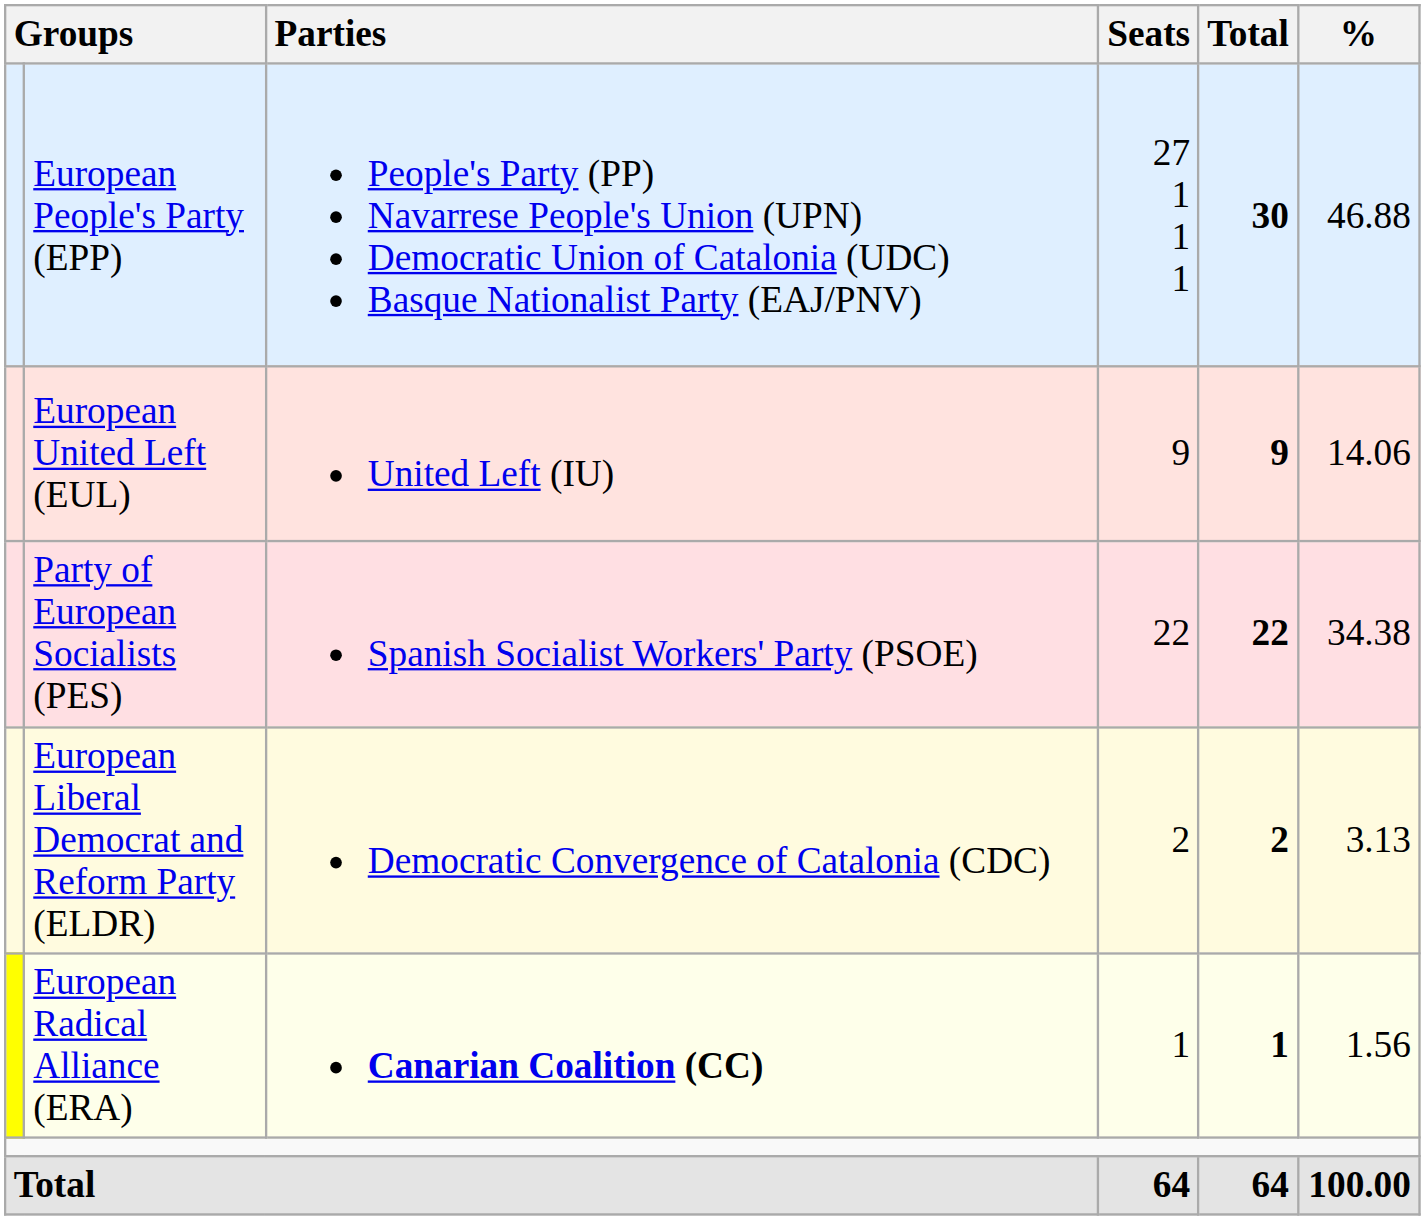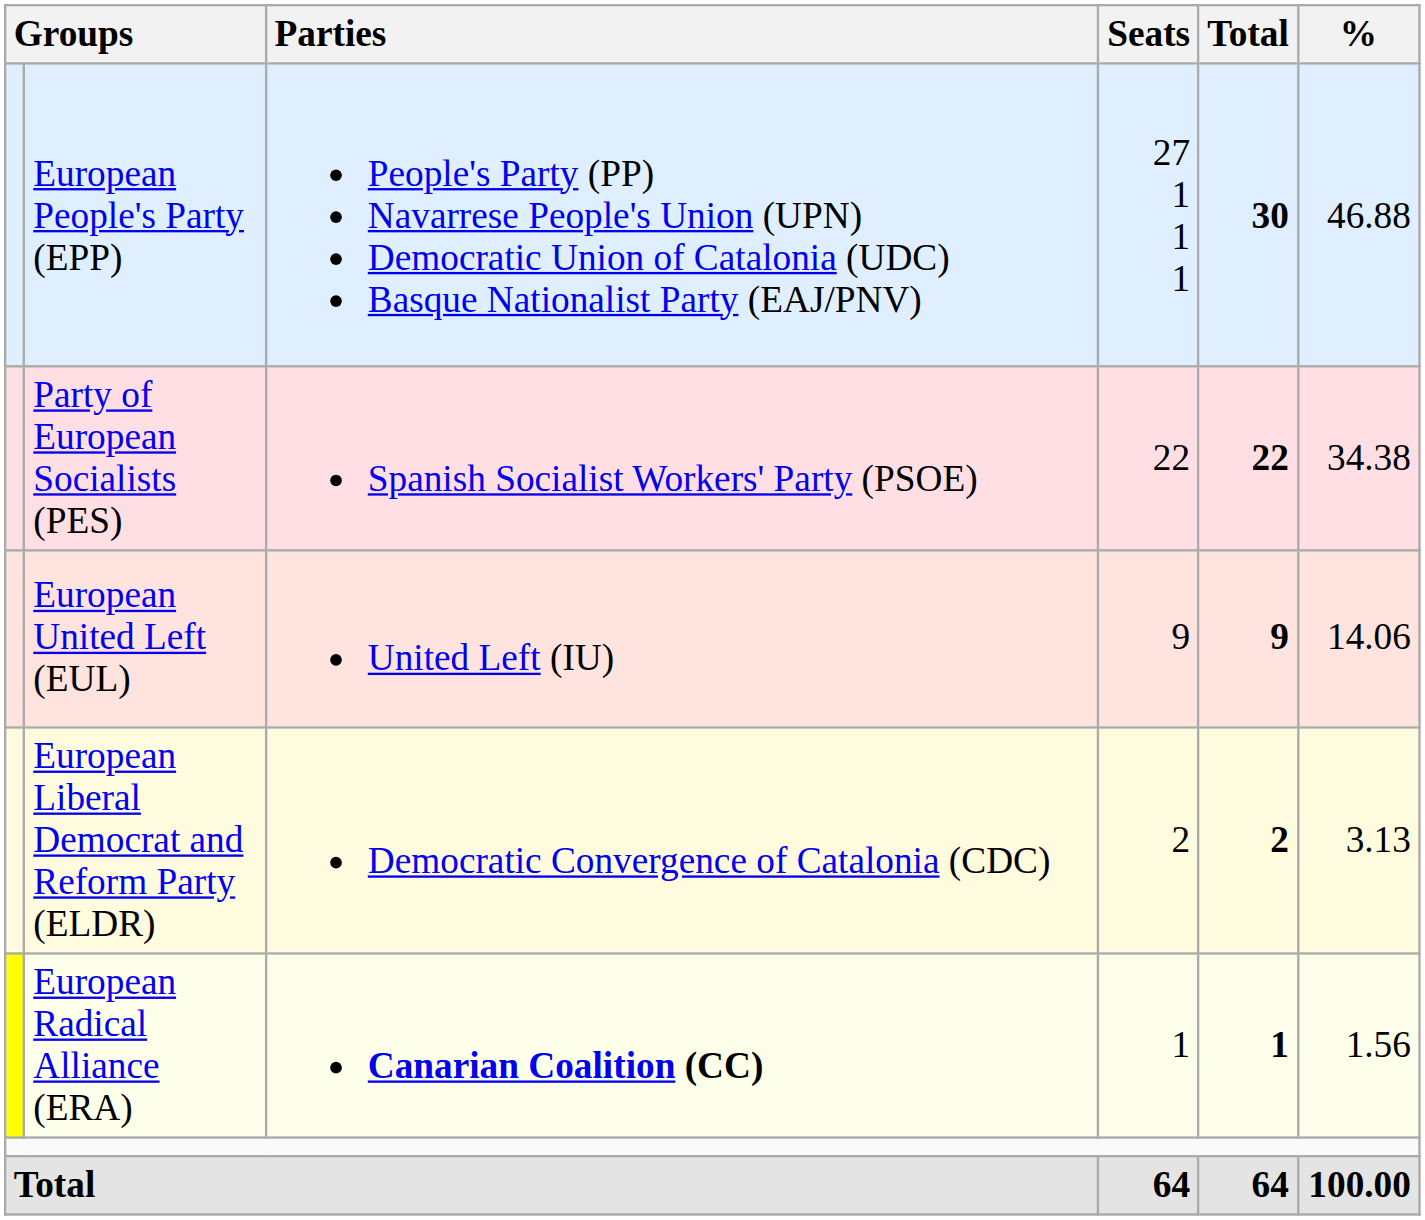 <table class="wikitable" style="text-align:right;">
 <tr>
 <th style="text-align:left;" colspan="2" width="375">Groups</th>
 <th style="text-align:left;" width="350">Parties</th>
 <th width="35">Seats</th>
 <th width="35">Total</th>
 <th width="45">%</th>
 </tr>
 <tr style="background:#DFEFFF;">
 <td width="1" style="color:inherit;background:"></td>
 <td align="left"><a href='#'>European People's Party</a> (EPP)</td>
 <td align="left"><br><ul><li><a href='#'>People's Party</a> (PP)</li><li><a href='#'>Navarrese People's Union</a> (UPN)</li><li><a href='#'>Democratic Union of Catalonia</a> (UDC)</li><li><a href='#'>Basque Nationalist Party</a> (EAJ/PNV)</li></ul></td>
 <td>27<br>1<br>1<br>1</td>
 <td><strong>30</strong></td>
 <td>46.88</td>
 </tr>
+<tr style="background:#FFDFE3;">
+<td style="color:inherit;background:"></td>
+<td align="left"><a href='#'>Party of European Socialists</a> (PES)</td>
+<td align="left"><br><ul><li><a href='#'>Spanish Socialist Workers' Party</a> (PSOE)</li></ul></td>
+<td>22</td>
+<td><strong>22</strong></td>
+<td>34.38</td>
+</tr>
 <tr style="background:#FFE3DF;">
 <td style="color:inherit;background:"></td>
 <td align="left"><a href='#'>European United Left</a> (EUL)</td>
 <td align="left"><br><ul><li><a href='#'>United Left</a> (IU)</li></ul></td>
 <td>9</td>
 <td><strong>9</strong></td>
 <td>14.06</td>
-</tr>
-<tr style="background:#FFDFE3;">
-<td style="color:inherit;background:"></td>
-<td align="left"><a href='#'>Party of European Socialists</a> (PES)</td>
-<td align="left"><br><ul><li><a href='#'>Spanish Socialist Workers' Party</a> (PSOE)</li></ul></td>
-<td>22</td>
-<td><strong>22</strong></td>
-<td>34.38</td>
 </tr>
 <tr style="background:#FFFBDF;">
 <td style="color:inherit;background:"></td>
 <td align="left"><a href='#'>European Liberal Democrat and Reform Party</a> (ELDR)</td>
 <td align="left"><br><ul><li><a href='#'>Democratic Convergence of Catalonia</a> (CDC)</li></ul></td>
 <td>2</td>
 <td><strong>2</strong></td>
 <td>3.13</td>
 </tr>
 <tr style="background:#FEFFEA;">
 <td bgcolor="yellow"></td>
 <td align="left"><a href='#'>European Radical Alliance</a> (ERA)</td>
 <td align="left"><strong><br><ul><li><a href='#'>Canarian Coalition</a> (CC)</li></ul></strong></td>
 <td>1</td>
 <td><strong>1</strong></td>
 <td>1.56</td>
 </tr>
 <tr>
 <td colspan="6"></td>
 </tr>
 <tr style="background:#E4E4E4; font-weight:bold;">
 <td align="left" colspan="3">Total</td>
 <td>64</td>
 <td>64</td>
 <td>100.00</td>
 </tr>
 </table>
